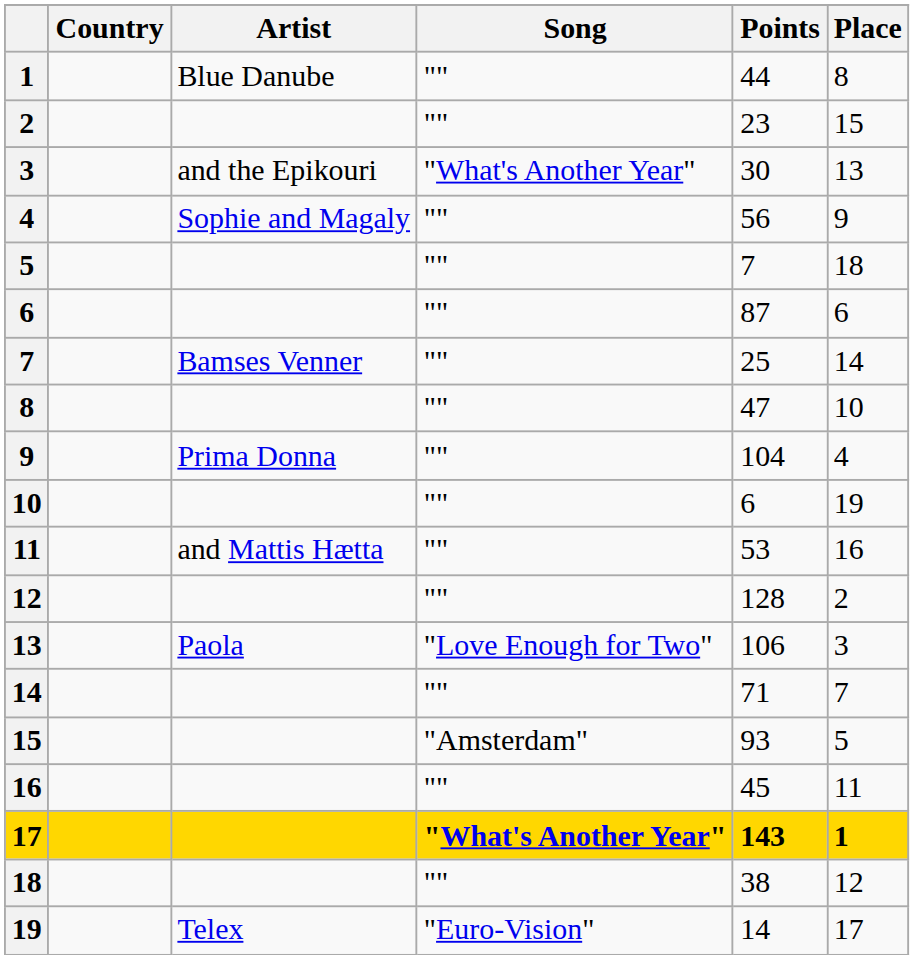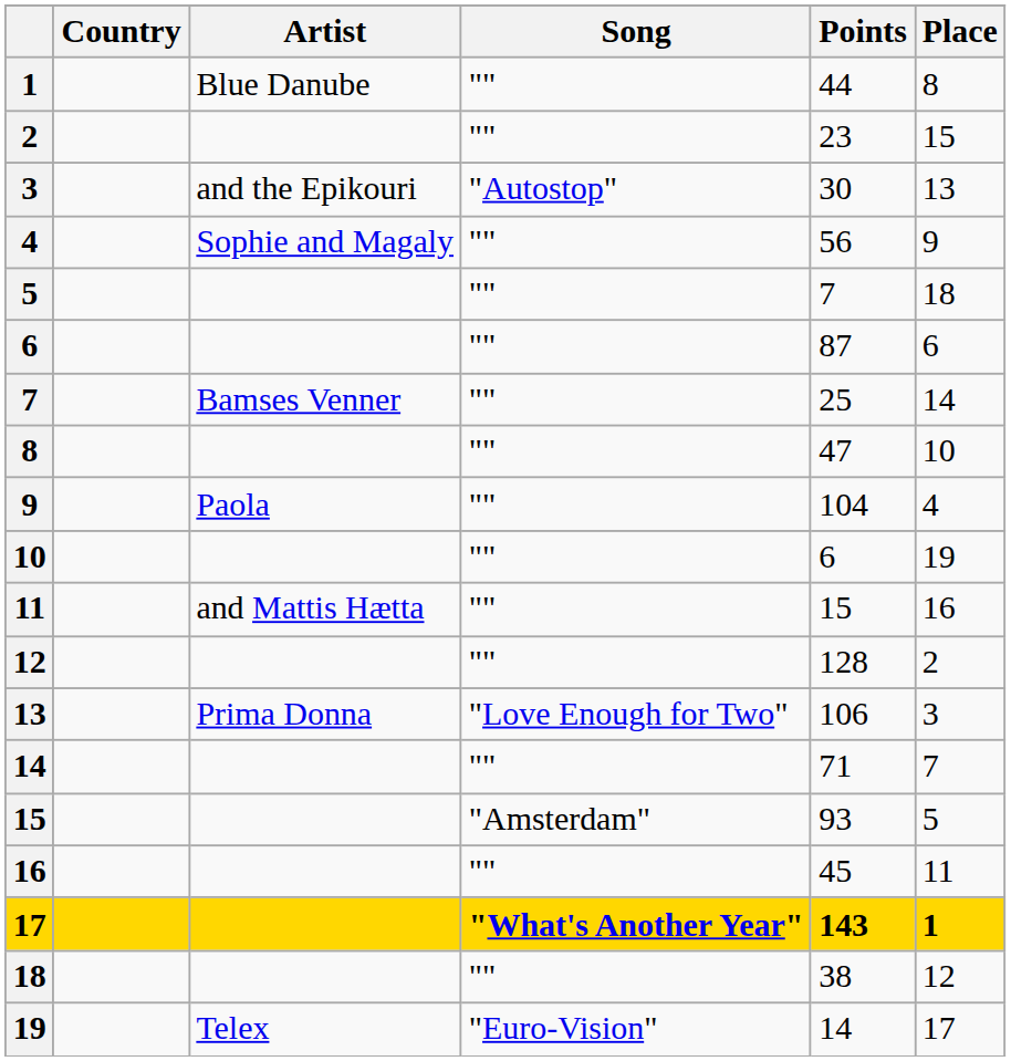 <table class="sortable wikitable plainrowheaders">
 <tr>
 </tr>
 <tr>
 <th scope="col"></th>
 <th scope="col">Country</th>
 <th scope="col">Artist</th>
 <th scope="col">Song</th>
 <th scope="col">Points</th>
 <th scope="col">Place</th>
 </tr>
 <tr>
 <th scope="row" style="text-align:center;">1</th>
 <td></td>
 <td>Blue Danube</td>
 <td>""</td>
 <td>44</td>
 <td>8</td>
 </tr>
 <tr>
 <th scope="row" style="text-align:center;">2</th>
 <td></td>
 <td></td>
 <td>""</td>
 <td>23</td>
 <td>15</td>
 </tr>
 <tr>
 <th scope="row" style="text-align:center;">3</th>
 <td></td>
 <td> and the Epikouri</td>
-<td>"<a href='#'>What's Another Year</a>"</td>
+<td>"<a href='#'>Autostop</a>"</td>
 <td>30</td>
 <td>13</td>
 </tr>
 <tr>
 <th scope="row" style="text-align:center;">4</th>
 <td></td>
 <td><a href='#'>Sophie and Magaly</a></td>
 <td>""</td>
 <td>56</td>
 <td>9</td>
 </tr>
 <tr>
 <th scope="row" style="text-align:center;">5</th>
 <td></td>
 <td></td>
 <td>""</td>
 <td>7</td>
 <td>18</td>
 </tr>
 <tr>
 <th scope="row" style="text-align:center;">6</th>
 <td></td>
 <td></td>
 <td>""</td>
 <td>87</td>
 <td>6</td>
 </tr>
 <tr>
 <th scope="row" style="text-align:center;">7</th>
 <td></td>
 <td><a href='#'>Bamses Venner</a></td>
 <td>""</td>
 <td>25</td>
 <td>14</td>
 </tr>
 <tr>
 <th scope="row" style="text-align:center;">8</th>
 <td></td>
 <td></td>
 <td>""</td>
 <td>47</td>
 <td>10</td>
 </tr>
 <tr>
 <th scope="row" style="text-align:center;">9</th>
 <td></td>
-<td><a href='#'>Prima Donna</a></td>
+<td><a href='#'>Paola</a></td>
 <td>""</td>
 <td>104</td>
 <td>4</td>
 </tr>
 <tr>
 <th scope="row" style="text-align:center;">10</th>
 <td></td>
 <td></td>
 <td>""</td>
 <td>6</td>
 <td>19</td>
 </tr>
 <tr>
 <th scope="row" style="text-align:center;">11</th>
 <td></td>
 <td> and <a href='#'>Mattis Hætta</a></td>
 <td>""</td>
-<td>53</td>
+<td>15</td>
 <td>16</td>
 </tr>
 <tr>
 <th scope="row" style="text-align:center;">12</th>
 <td></td>
 <td></td>
 <td>""</td>
 <td>128</td>
 <td>2</td>
 </tr>
 <tr>
 <th scope="row" style="text-align:center;">13</th>
 <td></td>
-<td><a href='#'>Paola</a></td>
+<td><a href='#'>Prima Donna</a></td>
 <td>"<a href='#'>Love Enough for Two</a>"</td>
 <td>106</td>
 <td>3</td>
 </tr>
 <tr>
 <th scope="row" style="text-align:center;">14</th>
 <td></td>
 <td></td>
 <td>""</td>
 <td>71</td>
 <td>7</td>
 </tr>
 <tr>
 <th scope="row" style="text-align:center;">15</th>
 <td></td>
 <td></td>
 <td>"Amsterdam"</td>
 <td>93</td>
 <td>5</td>
 </tr>
 <tr>
 <th scope="row" style="text-align:center;">16</th>
 <td></td>
 <td></td>
 <td>""</td>
 <td>45</td>
 <td>11</td>
 </tr>
 <tr style="font-weight:bold; background:gold;">
 <th scope="row" style="text-align:center; font-weight:bold; background:gold;">17</th>
 <td></td>
 <td></td>
 <td>"<a href='#'>What's Another Year</a>"</td>
 <td>143</td>
 <td>1</td>
 </tr>
 <tr>
 <th scope="row" style="text-align:center;">18</th>
 <td></td>
 <td></td>
 <td>""</td>
 <td>38</td>
 <td>12</td>
 </tr>
 <tr>
 <th scope="row" style="text-align:center;">19</th>
 <td></td>
 <td><a href='#'>Telex</a></td>
 <td>"<a href='#'>Euro-Vision</a>"</td>
 <td>14</td>
 <td>17</td>
 </tr>
 </table>
